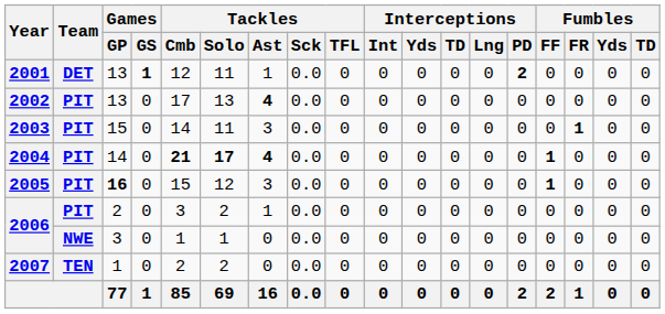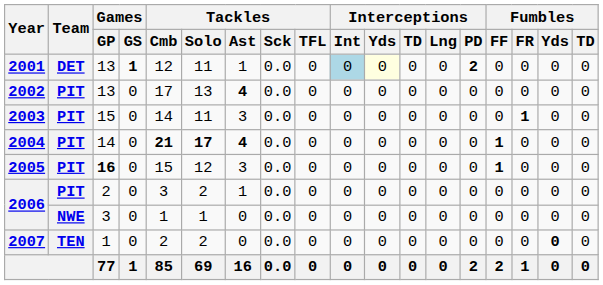 <table class="wikitable" style="text-align:center">
 <tr>
 <th rowspan="2">Year</th>
 <th rowspan="2">Team</th>
 <th colspan="2">Games</th>
 <th colspan="5">Tackles</th>
 <th colspan="5">Interceptions</th>
 <th colspan="4">Fumbles</th>
 </tr>
 <tr>
 <th>GP</th>
 <th>GS</th>
 <th>Cmb</th>
 <th>Solo</th>
 <th>Ast</th>
 <th>Sck</th>
 <th>TFL</th>
 <th>Int</th>
 <th>Yds</th>
 <th>TD</th>
 <th>Lng</th>
 <th>PD</th>
 <th>FF</th>
 <th>FR</th>
 <th>Yds</th>
 <th>TD</th>
 </tr>
 <tr>
 <th><a href='#'>2001</a></th>
 <th><a href='#'>DET</a></th>
 <td>13</td>
 <td><strong>1</strong></td>
 <td>12</td>
 <td>11</td>
 <td>1</td>
 <td>0.0</td>
 <td>0</td>
-<td>0</td>
-<td>0</td>
+<td style="background: lightblue;">0</td>
+<td style="background: lightyellow;">0</td>
 <td>0</td>
 <td>0</td>
 <td><strong>2</strong></td>
 <td>0</td>
 <td>0</td>
 <td>0</td>
 <td>0</td>
 </tr>
 <tr>
 <th><a href='#'>2002</a></th>
 <th><a href='#'>PIT</a></th>
 <td>13</td>
 <td>0</td>
 <td>17</td>
 <td>13</td>
 <td><strong>4</strong></td>
 <td>0.0</td>
 <td>0</td>
 <td>0</td>
 <td>0</td>
 <td>0</td>
 <td>0</td>
 <td>0</td>
 <td>0</td>
 <td>0</td>
 <td>0</td>
 <td>0</td>
 </tr>
 <tr>
 <th><a href='#'>2003</a></th>
 <th><a href='#'>PIT</a></th>
 <td>15</td>
 <td>0</td>
 <td>14</td>
 <td>11</td>
 <td>3</td>
 <td>0.0</td>
 <td>0</td>
 <td>0</td>
 <td>0</td>
 <td>0</td>
 <td>0</td>
 <td>0</td>
 <td>0</td>
 <td><strong>1</strong></td>
 <td>0</td>
 <td>0</td>
 </tr>
 <tr>
 <th><a href='#'>2004</a></th>
 <th><a href='#'>PIT</a></th>
 <td>14</td>
 <td>0</td>
 <td><strong>21</strong></td>
 <td><strong>17</strong></td>
 <td><strong>4</strong></td>
 <td>0.0</td>
 <td>0</td>
 <td>0</td>
 <td>0</td>
 <td>0</td>
 <td>0</td>
 <td>0</td>
 <td><strong>1</strong></td>
 <td>0</td>
 <td>0</td>
 <td>0</td>
 </tr>
 <tr>
 <th><a href='#'>2005</a></th>
 <th><a href='#'>PIT</a></th>
 <td><strong>16</strong></td>
 <td>0</td>
 <td>15</td>
 <td>12</td>
 <td>3</td>
 <td>0.0</td>
 <td>0</td>
 <td>0</td>
 <td>0</td>
 <td>0</td>
 <td>0</td>
 <td>0</td>
 <td><strong>1</strong></td>
 <td>0</td>
 <td>0</td>
 <td>0</td>
 </tr>
 <tr>
 <th rowspan="2"><a href='#'>2006</a></th>
 <th><a href='#'>PIT</a></th>
 <td>2</td>
 <td>0</td>
 <td>3</td>
 <td>2</td>
 <td>1</td>
 <td>0.0</td>
 <td>0</td>
 <td>0</td>
 <td>0</td>
 <td>0</td>
 <td>0</td>
 <td>0</td>
 <td>0</td>
 <td>0</td>
 <td>0</td>
 <td>0</td>
 </tr>
 <tr>
 <th><a href='#'>NWE</a></th>
 <td>3</td>
 <td>0</td>
 <td>1</td>
 <td>1</td>
 <td>0</td>
 <td>0.0</td>
 <td>0</td>
 <td>0</td>
 <td>0</td>
 <td>0</td>
 <td>0</td>
 <td>0</td>
 <td>0</td>
 <td>0</td>
 <td>0</td>
 <td>0</td>
 </tr>
 <tr>
 <th><a href='#'>2007</a></th>
 <th><a href='#'>TEN</a></th>
 <td>1</td>
 <td>0</td>
 <td>2</td>
 <td>2</td>
 <td>0</td>
 <td>0.0</td>
 <td>0</td>
 <td>0</td>
 <td>0</td>
 <td>0</td>
 <td>0</td>
 <td>0</td>
 <td>0</td>
 <td>0</td>
-<td>0</td>
+<td><strong>0</strong></td>
 <td>0</td>
 </tr>
 <tr>
 <th colspan="2"></th>
 <th>77</th>
 <th>1</th>
 <th>85</th>
 <th>69</th>
 <th>16</th>
 <th>0.0</th>
 <th>0</th>
 <th>0</th>
 <th>0</th>
 <th>0</th>
 <th>0</th>
 <th>2</th>
 <th>2</th>
 <th>1</th>
 <th>0</th>
 <th>0</th>
 </tr>
 </table>
